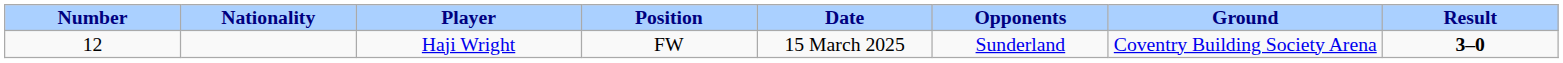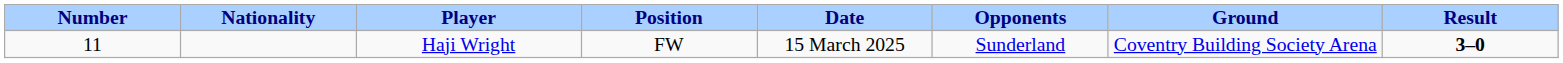 <table class="wikitable sortable alternance" style="font-size:100%; text-align:center; line-height:14px; width:100%;">
 <tr>
 <th style="background:#AAD0FF; color:#000080; width:100px;">Number</th>
 <th style="background:#AAD0FF; color:#000080; width:100px;">Nationality</th>
 <th style="background:#AAD0FF; color:#000080; width:130px;">Player</th>
 <th style="background:#AAD0FF; color:#000080; width:100px;">Position</th>
 <th style="background:#AAD0FF; color:#000080; width:100px;">Date</th>
 <th style="background:#AAD0FF; color:#000080; width:100px;">Opponents</th>
 <th style="background:#AAD0FF; color:#000080; width:160px;">Ground</th>
 <th style="background:#AAD0FF; color:#000080; width:100px;">Result</th>
 </tr>
 <tr>
-<td>12</td>
+<td>11</td>
 <td></td>
 <td><a href='#'>Haji Wright</a></td>
 <td>FW</td>
 <td>15 March 2025</td>
 <td><a href='#'>Sunderland</a></td>
 <td><a href='#'>Coventry Building Society Arena</a></td>
 <td><strong>3–0</strong></td>
 </tr>
 </table>
